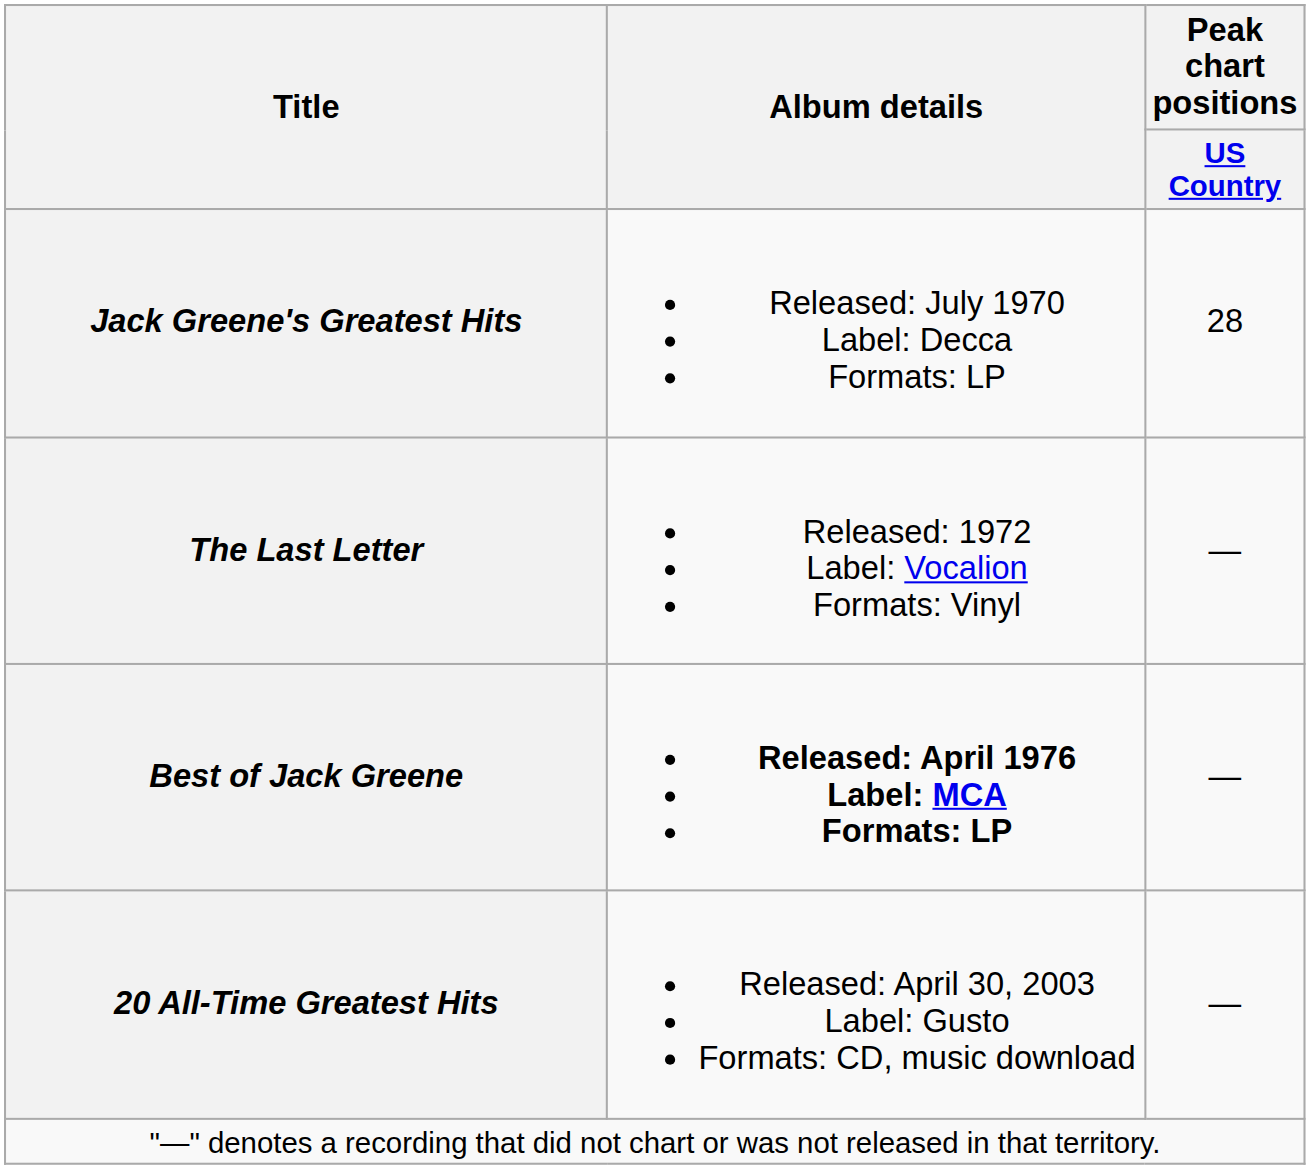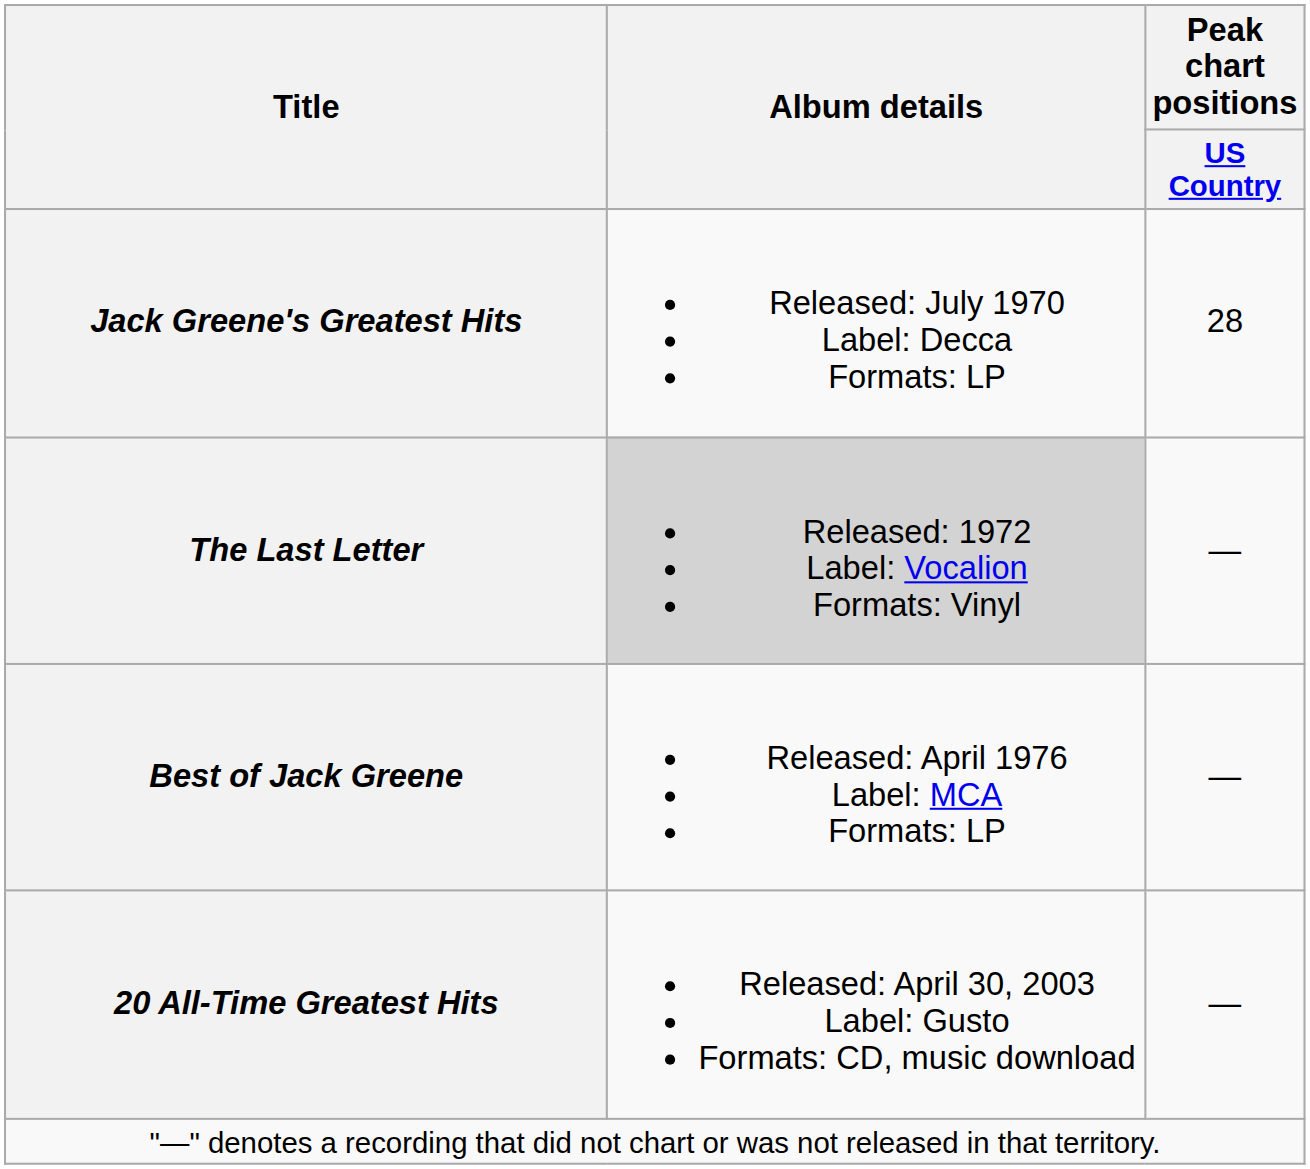 <table class="wikitable plainrowheaders" style="text-align:center;" border="1">
 <tr>
 <th scope="col" rowspan="2" style="width:18em;">Title</th>
 <th scope="col" rowspan="2" style="width:16em;">Album details</th>
 <th scope="col" colspan="1">Peak chart<br>positions</th>
 </tr>
 <tr>
 <th scope="col" style="width:3em;font-size:90%;"><a href='#'>US<br>Country</a><br></th>
 </tr>
 <tr>
 <th scope="row"><em>Jack Greene's Greatest Hits</em></th>
 <td><br><ul><li>Released: July 1970</li><li>Label: Decca</li><li>Formats: LP</li></ul></td>
 <td>28</td>
 </tr>
 <tr>
 <th scope="row"><em>The Last Letter</em></th>
-<td><br><ul><li>Released: 1972</li><li>Label: <a href='#'>Vocalion</a></li><li>Formats: Vinyl</li></ul></td>
+<td style="background: lightgrey;"><br><ul><li>Released: 1972</li><li>Label: <a href='#'>Vocalion</a></li><li>Formats: Vinyl</li></ul></td>
 <td>—</td>
 </tr>
 <tr>
 <th scope="row"><em>Best of Jack Greene</em></th>
-<td><strong><br><ul><li>Released: April 1976</li><li>Label: <a href='#'>MCA</a></li><li>Formats:  LP</li></ul></strong></td>
+<td><br><ul><li>Released: April 1976</li><li>Label: <a href='#'>MCA</a></li><li>Formats:  LP</li></ul></td>
 <td>—</td>
 </tr>
 <tr>
 <th scope="row"><em>20 All-Time Greatest Hits</em><br></th>
 <td><br><ul><li>Released: April 30, 2003</li><li>Label: Gusto</li><li>Formats: CD, music download</li></ul></td>
 <td>—</td>
 </tr>
 <tr>
 <td colspan="3" style="font-size:90%">"—" denotes a recording that did not chart or was not released in that territory.</td>
 </tr>
 </table>
